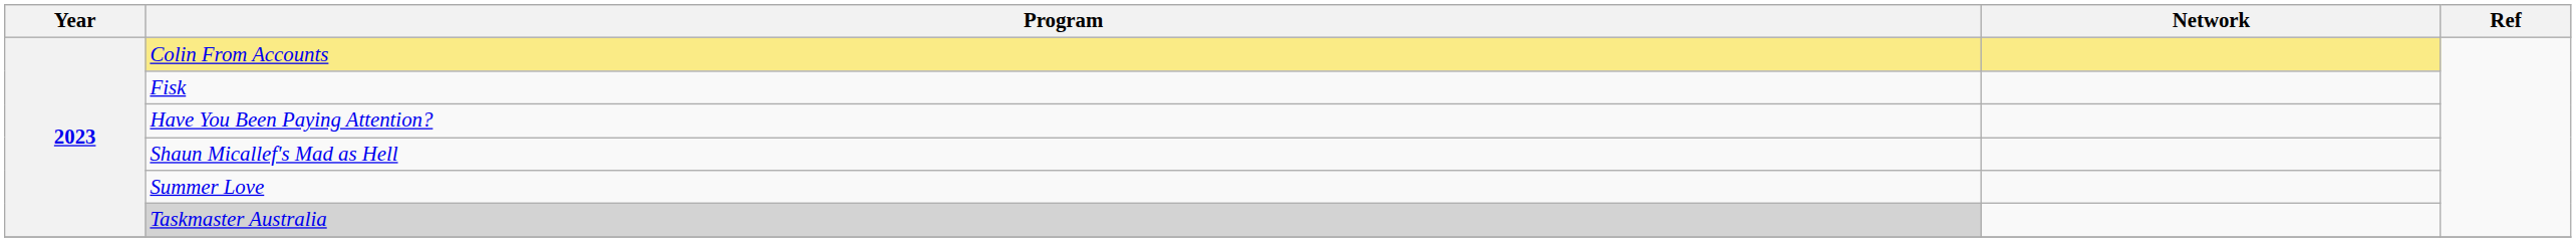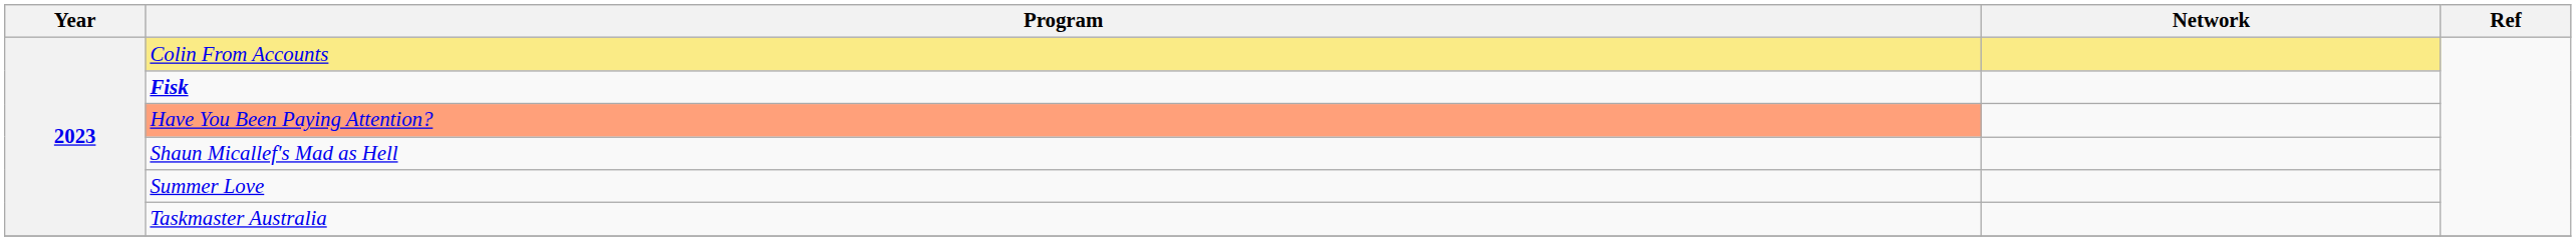 <table class="wikitable sortable">
 <tr style="background:#bebebe;">
 <th scope="col" style="width:1%;">Year</th>
 <th scope="col" style="width:16%;">Program</th>
 <th scope="col" style="width:4%;">Network</th>
 <th scope="col" style="width:1%;" class="unsortable">Ref</th>
 </tr>
 <tr>
 <th scope="row" rowspan="6" style="text-align:center"><a href='#'>2023</a></th>
 <td style="background:#FAEB86"><em><a href='#'>Colin From Accounts</a></em></td>
 <td style="background:#FAEB86"></td>
 <td rowspan="6"></td>
 </tr>
 <tr>
-<td><em><a href='#'>Fisk</a></em></td>
+<td><strong><em><a href='#'>Fisk</a></em></strong></td>
 <td></td>
 </tr>
 <tr>
-<td><em><a href='#'>Have You Been Paying Attention?</a></em></td>
+<td style="background: lightsalmon;"><em><a href='#'>Have You Been Paying Attention?</a></em></td>
 <td></td>
 </tr>
 <tr>
 <td><em><a href='#'>Shaun Micallef's Mad as Hell</a></em></td>
 <td></td>
 </tr>
 <tr>
 <td><em><a href='#'>Summer Love</a></em></td>
 <td></td>
 </tr>
 <tr>
-<td style="background: lightgrey;"><em><a href='#'>Taskmaster Australia</a></em></td>
+<td><em><a href='#'>Taskmaster Australia</a></em></td>
 <td></td>
 </tr>
 <tr>
 </tr>
 </table>
